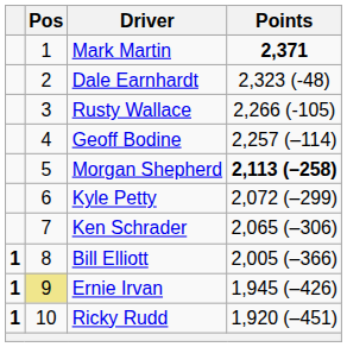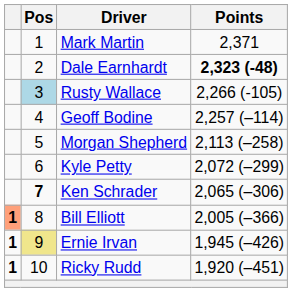 <table class="wikitable" style="font-size: 95%;">
 <tr>
 <th></th>
 <th>Pos</th>
 <th>Driver</th>
 <th>Points</th>
 </tr>
 <tr>
 <td align="left"></td>
 <td style="text-align:center;">1</td>
 <td><a href='#'>Mark Martin</a></td>
-<td style="text-align:center;"><strong>2,371</strong></td>
+<td style="text-align:center;">2,371</td>
 </tr>
 <tr>
 <td align="left"></td>
 <td style="text-align:center;">2</td>
 <td><a href='#'>Dale Earnhardt</a></td>
-<td style="text-align:center;">2,323 (-48)</td>
+<td style="text-align:center;"><strong>2,323 (-48)</strong></td>
 </tr>
 <tr>
 <td align="left"></td>
-<td style="text-align:center;">3</td>
+<td style="background: lightblue; text-align:center;">3</td>
 <td><a href='#'>Rusty Wallace</a></td>
 <td style="text-align:center;">2,266 (-105)</td>
 </tr>
 <tr>
 <td align="left"></td>
 <td style="text-align:center;">4</td>
 <td><a href='#'>Geoff Bodine</a></td>
 <td style="text-align:center;">2,257 (–114)</td>
 </tr>
 <tr>
 <td align="left"></td>
 <td style="text-align:center;">5</td>
 <td><a href='#'>Morgan Shepherd</a></td>
-<td style="text-align:center;"><strong>2,113 (–258)</strong></td>
+<td style="text-align:center;">2,113 (–258)</td>
 </tr>
 <tr>
 <td align="left"></td>
 <td style="text-align:center;">6</td>
 <td><a href='#'>Kyle Petty</a></td>
 <td style="text-align:center;">2,072 (–299)</td>
 </tr>
 <tr>
 <td align="left"></td>
-<td style="text-align:center;">7</td>
+<td style="text-align:center;"><strong>7</strong></td>
 <td><a href='#'>Ken Schrader</a></td>
 <td style="text-align:center;">2,065 (–306)</td>
 </tr>
 <tr>
-<td align="left">  <strong>1</strong></td>
+<td align="left" style="background: lightsalmon;">  <strong>1</strong></td>
 <td style="text-align:center;">8</td>
 <td><a href='#'>Bill Elliott</a></td>
 <td style="text-align:center;">2,005 (–366)</td>
 </tr>
 <tr>
 <td align="left">  <strong>1</strong></td>
 <td style="background: khaki; text-align:center;">9</td>
 <td><a href='#'>Ernie Irvan</a></td>
 <td style="text-align:center;">1,945 (–426)</td>
 </tr>
 <tr>
 <td align="left">  <strong>1</strong></td>
 <td style="text-align:center;">10</td>
 <td><a href='#'>Ricky Rudd</a></td>
 <td style="text-align:center;">1,920 (–451)</td>
 </tr>
 <tr class="sortbottom">
 <th colspan="9"></th>
 </tr>
 </table>
